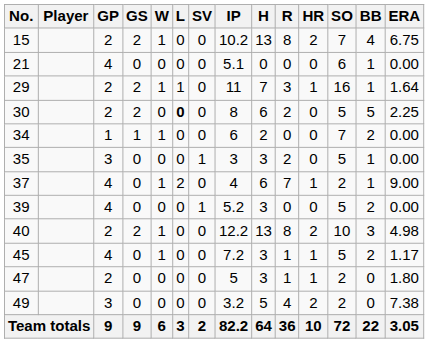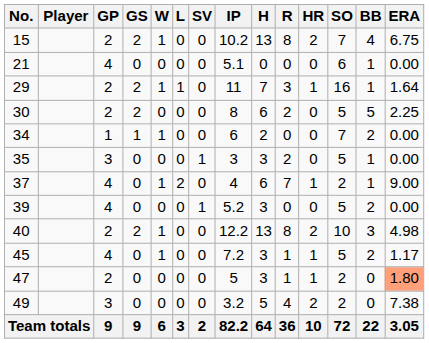 <table class="wikitable sortable" style="text-align:center">
 <tr>
 <th>No.</th>
 <th>Player</th>
 <th>GP</th>
 <th>GS</th>
 <th>W</th>
 <th>L</th>
 <th>SV</th>
 <th>IP</th>
 <th>H</th>
 <th>R</th>
 <th>HR</th>
 <th>SO</th>
 <th>BB</th>
 <th>ERA</th>
 </tr>
 <tr>
 <td>15</td>
 <td></td>
 <td>2</td>
 <td>2</td>
 <td>1</td>
 <td>0</td>
 <td>0</td>
 <td>10.2</td>
 <td>13</td>
 <td>8</td>
 <td>2</td>
 <td>7</td>
 <td>4</td>
 <td>6.75</td>
 </tr>
 <tr>
 <td>21</td>
 <td></td>
 <td>4</td>
 <td>0</td>
 <td>0</td>
 <td>0</td>
 <td>0</td>
 <td>5.1</td>
 <td>0</td>
 <td>0</td>
 <td>0</td>
 <td>6</td>
 <td>1</td>
 <td>0.00</td>
 </tr>
 <tr>
 <td>29</td>
 <td></td>
 <td>2</td>
 <td>2</td>
 <td>1</td>
 <td>1</td>
 <td>0</td>
 <td>11</td>
 <td>7</td>
 <td>3</td>
 <td>1</td>
 <td>16</td>
 <td>1</td>
 <td>1.64</td>
 </tr>
 <tr>
 <td>30</td>
 <td></td>
 <td>2</td>
 <td>2</td>
 <td>0</td>
-<td><strong>0</strong></td>
+<td>0</td>
 <td>0</td>
 <td>8</td>
 <td>6</td>
 <td>2</td>
 <td>0</td>
 <td>5</td>
 <td>5</td>
 <td>2.25</td>
 </tr>
 <tr>
 <td>34</td>
 <td></td>
 <td>1</td>
 <td>1</td>
 <td>1</td>
 <td>0</td>
 <td>0</td>
 <td>6</td>
 <td>2</td>
 <td>0</td>
 <td>0</td>
 <td>7</td>
 <td>2</td>
 <td>0.00</td>
 </tr>
 <tr>
 <td>35</td>
 <td></td>
 <td>3</td>
 <td>0</td>
 <td>0</td>
 <td>0</td>
 <td>1</td>
 <td>3</td>
 <td>3</td>
 <td>2</td>
 <td>0</td>
 <td>5</td>
 <td>1</td>
 <td>0.00</td>
 </tr>
 <tr>
 <td>37</td>
 <td></td>
 <td>4</td>
 <td>0</td>
 <td>1</td>
 <td>2</td>
 <td>0</td>
 <td>4</td>
 <td>6</td>
 <td>7</td>
 <td>1</td>
 <td>2</td>
 <td>1</td>
 <td>9.00</td>
 </tr>
 <tr>
 <td>39</td>
 <td></td>
 <td>4</td>
 <td>0</td>
 <td>0</td>
 <td>0</td>
 <td>1</td>
 <td>5.2</td>
 <td>3</td>
 <td>0</td>
 <td>0</td>
 <td>5</td>
 <td>2</td>
 <td>0.00</td>
 </tr>
 <tr>
 <td>40</td>
 <td></td>
 <td>2</td>
 <td>2</td>
 <td>1</td>
 <td>0</td>
 <td>0</td>
 <td>12.2</td>
 <td>13</td>
 <td>8</td>
 <td>2</td>
 <td>10</td>
 <td>3</td>
 <td>4.98</td>
 </tr>
 <tr>
 <td>45</td>
 <td></td>
 <td>4</td>
 <td>0</td>
 <td>1</td>
 <td>0</td>
 <td>0</td>
 <td>7.2</td>
 <td>3</td>
 <td>1</td>
 <td>1</td>
 <td>5</td>
 <td>2</td>
 <td>1.17</td>
 </tr>
 <tr>
 <td>47</td>
 <td></td>
 <td>2</td>
 <td>0</td>
 <td>0</td>
 <td>0</td>
 <td>0</td>
 <td>5</td>
 <td>3</td>
 <td>1</td>
 <td>1</td>
 <td>2</td>
 <td>0</td>
-<td>1.80</td>
+<td style="background: lightsalmon;">1.80</td>
 </tr>
 <tr>
 <td>49</td>
 <td></td>
 <td>3</td>
 <td>0</td>
 <td>0</td>
 <td>0</td>
 <td>0</td>
 <td>3.2</td>
 <td>5</td>
 <td>4</td>
 <td>2</td>
 <td>2</td>
 <td>0</td>
 <td>7.38</td>
 </tr>
 <tr class="sortbottom">
 <th colspan=2>Team totals</th>
 <th>9</th>
 <th>9</th>
 <th>6</th>
 <th>3</th>
 <th>2</th>
 <th>82.2</th>
 <th>64</th>
 <th>36</th>
 <th>10</th>
 <th>72</th>
 <th>22</th>
 <th>3.05</th>
 </tr>
 </table>
